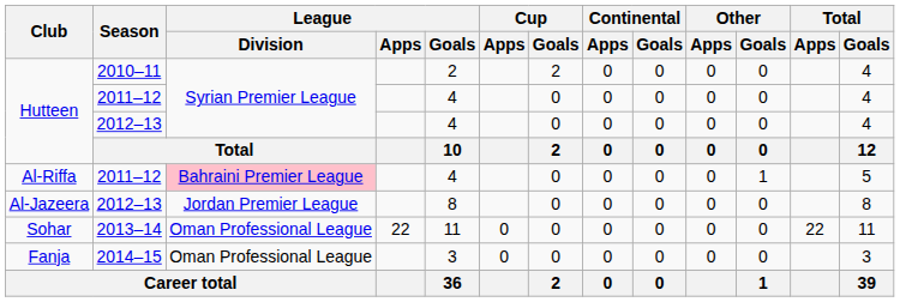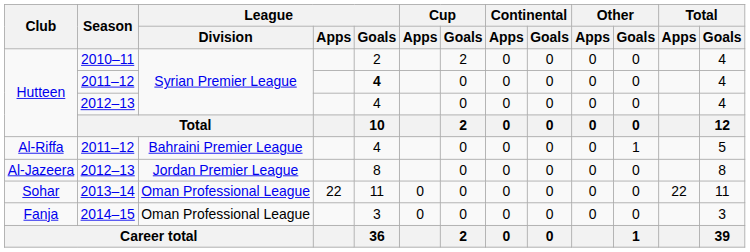 <table class="wikitable" style="text-align:center">
 <tr>
 <th rowspan="2">Club</th>
 <th rowspan="2">Season</th>
 <th colspan="3">League</th>
 <th colspan="2">Cup</th>
 <th colspan="2">Continental</th>
 <th colspan="2">Other</th>
 <th colspan="2">Total</th>
 </tr>
 <tr>
 <th>Division</th>
 <th>Apps</th>
 <th>Goals</th>
 <th>Apps</th>
 <th>Goals</th>
 <th>Apps</th>
 <th>Goals</th>
 <th>Apps</th>
 <th>Goals</th>
 <th>Apps</th>
 <th>Goals</th>
 </tr>
 <tr>
 <td rowspan="4"><a href='#'>Hutteen</a></td>
 <td><a href='#'>2010–11</a></td>
 <td rowspan="3"><a href='#'>Syrian Premier League</a></td>
 <td></td>
 <td>2</td>
 <td></td>
 <td>2</td>
 <td>0</td>
 <td>0</td>
 <td>0</td>
 <td>0</td>
 <td></td>
 <td>4</td>
 </tr>
 <tr>
 <td><a href='#'>2011–12</a></td>
 <td></td>
-<td>4</td>
+<td><strong>4</strong></td>
 <td></td>
 <td>0</td>
 <td>0</td>
 <td>0</td>
 <td>0</td>
 <td>0</td>
 <td></td>
 <td>4</td>
 </tr>
 <tr>
 <td><a href='#'>2012–13</a></td>
 <td></td>
 <td>4</td>
 <td></td>
 <td>0</td>
 <td>0</td>
 <td>0</td>
 <td>0</td>
 <td>0</td>
 <td></td>
 <td>4</td>
 </tr>
 <tr>
 <th colspan="2">Total</th>
 <th></th>
 <th>10</th>
 <th></th>
 <th>2</th>
 <th>0</th>
 <th>0</th>
 <th>0</th>
 <th>0</th>
 <th></th>
 <th>12</th>
 </tr>
 <tr>
 <td><a href='#'>Al-Riffa</a></td>
 <td><a href='#'>2011–12</a></td>
-<td style="background: pink;"><a href='#'>Bahraini Premier League</a></td>
+<td><a href='#'>Bahraini Premier League</a></td>
 <td></td>
 <td>4</td>
 <td></td>
 <td>0</td>
 <td>0</td>
 <td>0</td>
 <td>0</td>
 <td>1</td>
 <td></td>
 <td>5</td>
 </tr>
 <tr>
 <td><a href='#'>Al-Jazeera</a></td>
 <td><a href='#'>2012–13</a></td>
 <td><a href='#'>Jordan Premier League</a></td>
 <td></td>
 <td>8</td>
 <td></td>
 <td>0</td>
 <td>0</td>
 <td>0</td>
 <td>0</td>
 <td>0</td>
 <td></td>
 <td>8</td>
 </tr>
 <tr>
 <td><a href='#'>Sohar</a></td>
 <td><a href='#'>2013–14</a></td>
 <td><a href='#'>Oman Professional League</a></td>
 <td>22</td>
 <td>11</td>
 <td>0</td>
 <td>0</td>
 <td>0</td>
 <td>0</td>
 <td>0</td>
 <td>0</td>
 <td>22</td>
 <td>11</td>
 </tr>
 <tr>
 <td><a href='#'>Fanja</a></td>
 <td><a href='#'>2014–15</a></td>
 <td>Oman Professional League</td>
 <td></td>
 <td>3</td>
 <td>0</td>
 <td>0</td>
 <td>0</td>
 <td>0</td>
 <td>0</td>
 <td>0</td>
 <td></td>
 <td>3</td>
 </tr>
 <tr>
 <th colspan="3">Career total</th>
 <th></th>
 <th>36</th>
 <th></th>
 <th>2</th>
 <th>0</th>
 <th>0</th>
 <th></th>
 <th>1</th>
 <th></th>
 <th>39</th>
 </tr>
 </table>
